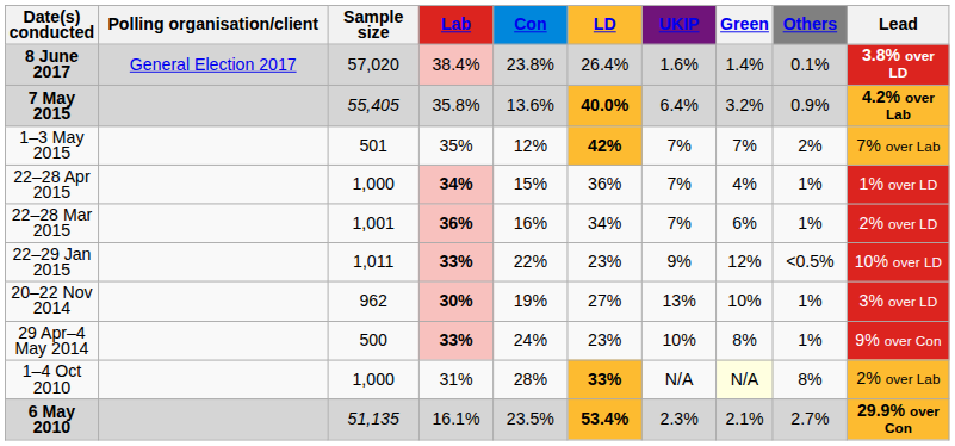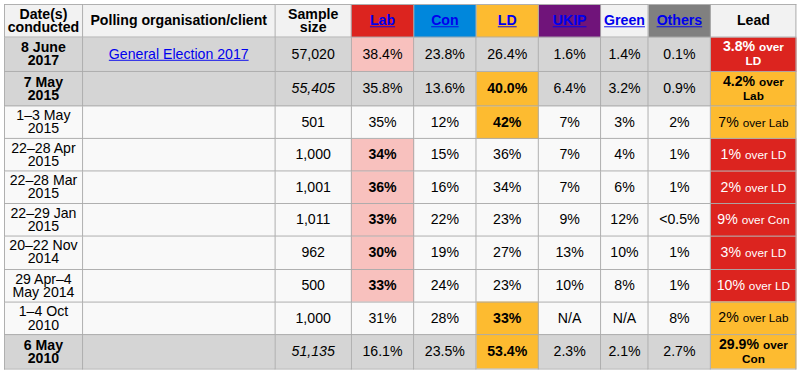 <table class="wikitable sortable" style="text-align:center;font-size:95%;line-height:14px">
 <tr>
 <th ! style="width:75px;">Date(s)<br>conducted</th>
 <th style="width:200px;">Polling organisation/client</th>
 <th class="unsortable" style="width:75px;">Sample size</th>
 <th class="unsortable"  style="background:#dc241f; width:60px;"><a href='#'><span>Lab</span></a></th>
 <th class="unsortable"  style="background:#0087dc; width:60px;"><a href='#'><span>Con</span></a></th>
 <th class="unsortable"  style="background:#fdbb30; width:60px;"><a href='#'><span>LD</span></a></th>
 <th class="unsortable"  style="background:#70147a; width:60px;"><a href='#'><span>UKIP</span></a></th>
 <th class="unsortable" style="background:"><a href='#'><span>Green</span></a></th>
 <th class="unsortable"  style="background:gray; width:60px;"><a href='#'><span>Others</span></a></th>
 <th class="unsortable" style="width:85px;">Lead</th>
 </tr>
 <tr style="background:#D5D5D5">
 <td><strong>8 June 2017</strong></td>
 <td><a href='#'>General Election 2017</a></td>
 <td>57,020</td>
 <td style="background:#F8C1BE">38.4%</td>
 <td>23.8%</td>
 <td>26.4%</td>
 <td>1.6%</td>
 <td>1.4%</td>
 <td>0.1%</td>
 <td style="background:#dc241f; color:White;"><strong>3.8% <small>over LD</small></strong></td>
 </tr>
 <tr style="background:#D5D5D5">
 <td><strong>7 May 2015</strong></td>
 <td></td>
 <td><em>55,405</em></td>
 <td>35.8%</td>
 <td>13.6%</td>
 <td style="background:#fdbb30; color:Black;"><strong>40.0%</strong></td>
 <td>6.4%</td>
 <td style="background:#D5D5D5">3.2%</td>
 <td>0.9%</td>
 <td style="background:#fdbb30; color:Black;"><strong>4.2% <small>over Lab</small></strong></td>
 </tr>
 <tr>
 <td>1–3 May 2015</td>
 <td></td>
 <td>501</td>
 <td>35%</td>
 <td>12%</td>
 <td style="background:#fdbb30; color:Black;"><strong>42%</strong></td>
 <td>7%</td>
-<td>7%</td>
+<td>3%</td>
 <td>2%</td>
 <td style="background:#fdbb30; color:Black;">7% <small>over Lab</small></td>
 </tr>
 <tr>
 <td>22–28 Apr 2015</td>
 <td></td>
 <td>1,000</td>
 <td style="background:#F8C1BE"><strong>34%</strong></td>
 <td>15%</td>
 <td>36%</td>
 <td>7%</td>
 <td>4%</td>
 <td>1%</td>
 <td style="background:#dc241f; color:white;">1% <small>over LD</small></td>
 </tr>
 <tr>
 <td>22–28 Mar 2015</td>
 <td></td>
 <td>1,001</td>
 <td style="background:#F8C1BE"><strong>36%</strong></td>
 <td>16%</td>
 <td>34%</td>
 <td>7%</td>
 <td>6%</td>
 <td>1%</td>
 <td style="background:#dc241f; color:white;">2% <small>over LD</small></td>
 </tr>
 <tr>
 <td>22–29 Jan 2015</td>
 <td></td>
 <td>1,011</td>
 <td style="background:#F8C1BE"><strong>33%</strong></td>
 <td>22%</td>
 <td>23%</td>
 <td>9%</td>
 <td>12%</td>
 <td><0.5%</td>
-<td style="background:#dc241f; color:white;">10% <small>over LD</small></td>
+<td style="background:#dc241f; color:white;">9% <small>over Con</small></td>
 </tr>
 <tr>
 <td>20–22 Nov 2014</td>
 <td></td>
 <td>962</td>
 <td style="background:#F8C1BE"><strong>30%</strong></td>
 <td>19%</td>
 <td>27%</td>
 <td>13%</td>
 <td>10%</td>
 <td>1%</td>
 <td style="background:#dc241f; color:white;">3% <small>over LD</small></td>
 </tr>
 <tr>
 <td>29 Apr–4 May 2014</td>
 <td></td>
 <td>500</td>
 <td style="background:#F8C1BE"><strong>33%</strong></td>
 <td>24%</td>
 <td>23%</td>
 <td>10%</td>
 <td>8%</td>
 <td>1%</td>
-<td style="background:#dc241f; color:white;">9% <small>over Con</small></td>
+<td style="background:#dc241f; color:white;">10% <small>over LD</small></td>
 </tr>
 <tr>
 <td>1–4 Oct 2010</td>
 <td></td>
 <td>1,000</td>
 <td>31%</td>
 <td>28%</td>
 <td style="background:#fdbb30; color:Black;"><strong>33%</strong></td>
 <td>N/A</td>
-<td style="background: lightyellow;">N/A</td>
+<td>N/A</td>
 <td>8%</td>
 <td style="background:#fdbb30; color:Black;">2% <small>over Lab</small></td>
 </tr>
 <tr>
 <td style="background:#D5D5D5"><strong>6 May 2010</strong></td>
 <td style="background:#D5D5D5"></td>
 <td style="background:#D5D5D5"><em>51,135</em></td>
 <td style="background:#D5D5D5">16.1%</td>
 <td style="background:#D5D5D5">23.5%</td>
 <td style="background:#fdbb30; color:Black;"><strong>53.4%</strong></td>
 <td style="background:#D5D5D5">2.3%</td>
 <td style="background:#D5D5D5">2.1%</td>
 <td style="background:#D5D5D5">2.7%</td>
 <td style="background:#fdbb30; color:Black;"><strong>29.9% <small>over Con</small></strong></td>
 </tr>
 </table>
